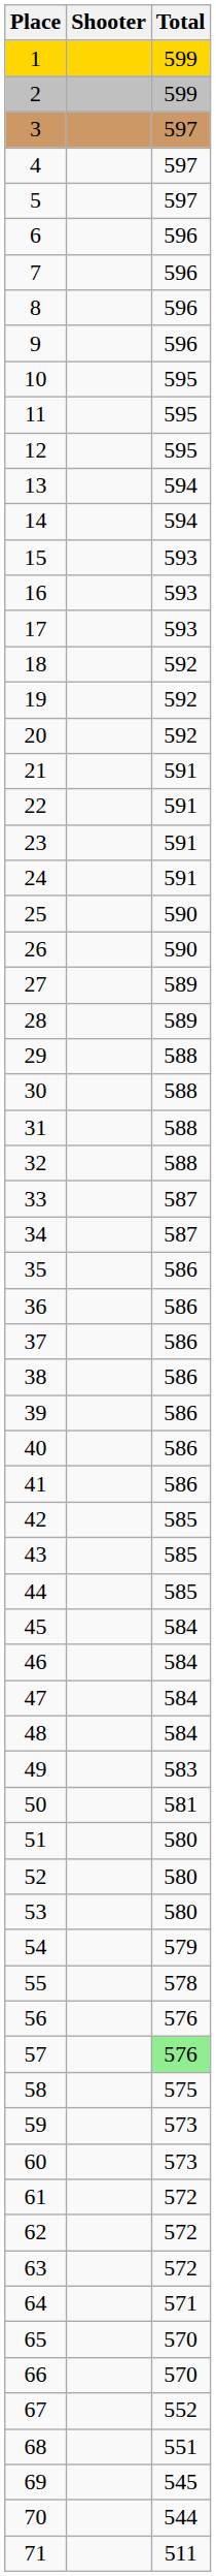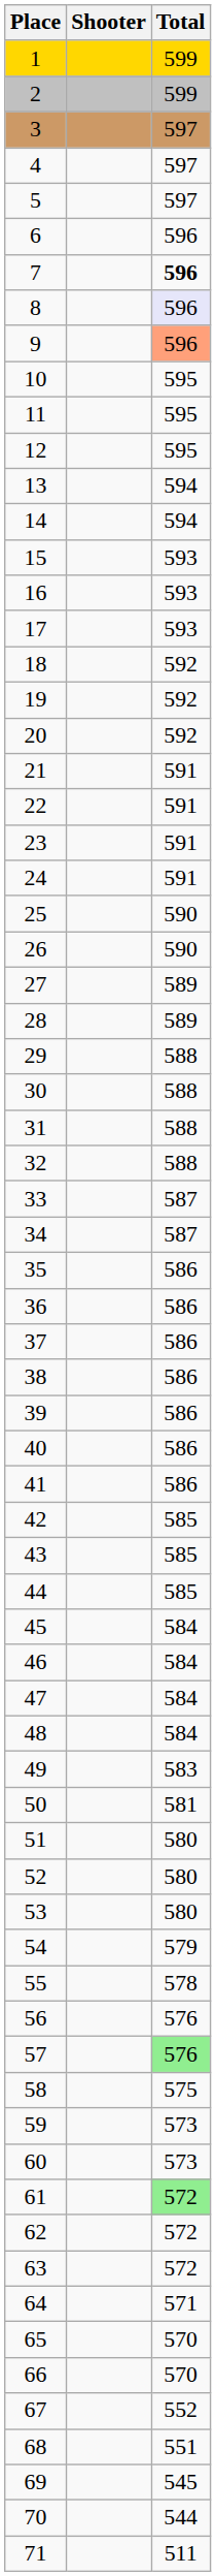 <table class=wikitable style="text-align:center">
 <tr>
 <th>Place</th>
 <th>Shooter</th>
 <th>Total</th>
 </tr>
 <tr align=center bgcolor=gold>
 <td>1</td>
 <td align=left></td>
 <td>599</td>
 </tr>
 <tr align=center bgcolor=silver>
 <td>2</td>
 <td align=left></td>
 <td>599</td>
 </tr>
 <tr align=center bgcolor=cc9966>
 <td>3</td>
 <td align=left></td>
 <td>597</td>
 </tr>
 <tr>
 <td>4</td>
 <td align=left></td>
 <td>597</td>
 </tr>
 <tr>
 <td>5</td>
 <td align=left></td>
 <td>597</td>
 </tr>
 <tr>
 <td>6</td>
 <td align=left></td>
 <td>596</td>
 </tr>
 <tr>
 <td>7</td>
 <td align=left></td>
-<td>596</td>
+<td><strong>596</strong></td>
 </tr>
 <tr>
 <td>8</td>
 <td align=left></td>
-<td>596</td>
+<td style="background: lavender;">596</td>
 </tr>
 <tr>
 <td>9</td>
 <td align=left></td>
-<td>596</td>
+<td style="background: lightsalmon;">596</td>
 </tr>
 <tr>
 <td>10</td>
 <td align=left></td>
 <td>595</td>
 </tr>
 <tr>
 <td>11</td>
 <td align=left></td>
 <td>595</td>
 </tr>
 <tr>
 <td>12</td>
 <td align=left></td>
 <td>595</td>
 </tr>
 <tr>
 <td>13</td>
 <td align=left></td>
 <td>594</td>
 </tr>
 <tr>
 <td>14</td>
 <td align=left></td>
 <td>594</td>
 </tr>
 <tr>
 <td>15</td>
 <td align=left></td>
 <td>593</td>
 </tr>
 <tr>
 <td>16</td>
 <td align=left></td>
 <td>593</td>
 </tr>
 <tr>
 <td>17</td>
 <td align=left></td>
 <td>593</td>
 </tr>
 <tr>
 <td>18</td>
 <td align=left></td>
 <td>592</td>
 </tr>
 <tr>
 <td>19</td>
 <td align=left></td>
 <td>592</td>
 </tr>
 <tr>
 <td>20</td>
 <td align=left></td>
 <td>592</td>
 </tr>
 <tr>
 <td>21</td>
 <td align=left></td>
 <td>591</td>
 </tr>
 <tr>
 <td>22</td>
 <td align=left></td>
 <td>591</td>
 </tr>
 <tr>
 <td>23</td>
 <td align=left></td>
 <td>591</td>
 </tr>
 <tr>
 <td>24</td>
 <td align=left></td>
 <td>591</td>
 </tr>
 <tr>
 <td>25</td>
 <td align=left></td>
 <td>590</td>
 </tr>
 <tr>
 <td>26</td>
 <td align=left></td>
 <td>590</td>
 </tr>
 <tr>
 <td>27</td>
 <td align=left></td>
 <td>589</td>
 </tr>
 <tr>
 <td>28</td>
 <td align=left></td>
 <td>589</td>
 </tr>
 <tr>
 <td>29</td>
 <td align=left></td>
 <td>588</td>
 </tr>
 <tr>
 <td>30</td>
 <td align=left></td>
 <td>588</td>
 </tr>
 <tr>
 <td>31</td>
 <td align=left></td>
 <td>588</td>
 </tr>
 <tr>
 <td>32</td>
 <td align=left></td>
 <td>588</td>
 </tr>
 <tr>
 <td>33</td>
 <td align=left></td>
 <td>587</td>
 </tr>
 <tr>
 <td>34</td>
 <td align=left></td>
 <td>587</td>
 </tr>
 <tr>
 <td>35</td>
 <td align=left></td>
 <td>586</td>
 </tr>
 <tr>
 <td>36</td>
 <td align=left></td>
 <td>586</td>
 </tr>
 <tr>
 <td>37</td>
 <td align=left></td>
 <td>586</td>
 </tr>
 <tr>
 <td>38</td>
 <td align=left></td>
 <td>586</td>
 </tr>
 <tr>
 <td>39</td>
 <td align=left></td>
 <td>586</td>
 </tr>
 <tr>
 <td>40</td>
 <td align=left></td>
 <td>586</td>
 </tr>
 <tr>
 <td>41</td>
 <td align=left></td>
 <td>586</td>
 </tr>
 <tr>
 <td>42</td>
 <td align=left></td>
 <td>585</td>
 </tr>
 <tr>
 <td>43</td>
 <td align=left></td>
 <td>585</td>
 </tr>
 <tr>
 <td>44</td>
 <td align=left></td>
 <td>585</td>
 </tr>
 <tr>
 <td>45</td>
 <td align=left></td>
 <td>584</td>
 </tr>
 <tr>
 <td>46</td>
 <td align=left></td>
 <td>584</td>
 </tr>
 <tr>
 <td>47</td>
 <td align=left></td>
 <td>584</td>
 </tr>
 <tr>
 <td>48</td>
 <td align=left></td>
 <td>584</td>
 </tr>
 <tr>
 <td>49</td>
 <td align=left></td>
 <td>583</td>
 </tr>
 <tr>
 <td>50</td>
 <td align=left></td>
 <td>581</td>
 </tr>
 <tr>
 <td>51</td>
 <td align=left></td>
 <td>580</td>
 </tr>
 <tr>
 <td>52</td>
 <td align=left></td>
 <td>580</td>
 </tr>
 <tr>
 <td>53</td>
 <td align=left></td>
 <td>580</td>
 </tr>
 <tr>
 <td>54</td>
 <td align=left></td>
 <td>579</td>
 </tr>
 <tr>
 <td>55</td>
 <td align=left></td>
 <td>578</td>
 </tr>
 <tr>
 <td>56</td>
 <td align=left></td>
 <td>576</td>
 </tr>
 <tr>
 <td>57</td>
 <td align=left></td>
 <td style="background: lightgreen;">576</td>
 </tr>
 <tr>
 <td>58</td>
 <td align=left></td>
 <td>575</td>
 </tr>
 <tr>
 <td>59</td>
 <td align=left></td>
 <td>573</td>
 </tr>
 <tr>
 <td>60</td>
 <td align=left></td>
 <td>573</td>
 </tr>
 <tr>
 <td>61</td>
 <td align=left></td>
-<td>572</td>
+<td style="background: lightgreen;">572</td>
 </tr>
 <tr>
 <td>62</td>
 <td align=left></td>
 <td>572</td>
 </tr>
 <tr>
 <td>63</td>
 <td align=left></td>
 <td>572</td>
 </tr>
 <tr>
 <td>64</td>
 <td align=left></td>
 <td>571</td>
 </tr>
 <tr>
 <td>65</td>
 <td align=left></td>
 <td>570</td>
 </tr>
 <tr>
 <td>66</td>
 <td align=left></td>
 <td>570</td>
 </tr>
 <tr>
 <td>67</td>
 <td align=left></td>
 <td>552</td>
 </tr>
 <tr>
 <td>68</td>
 <td align=left></td>
 <td>551</td>
 </tr>
 <tr>
 <td>69</td>
 <td align=left></td>
 <td>545</td>
 </tr>
 <tr>
 <td>70</td>
 <td align=left></td>
 <td>544</td>
 </tr>
 <tr>
 <td>71</td>
 <td align=left></td>
 <td>511</td>
 </tr>
 </table>
